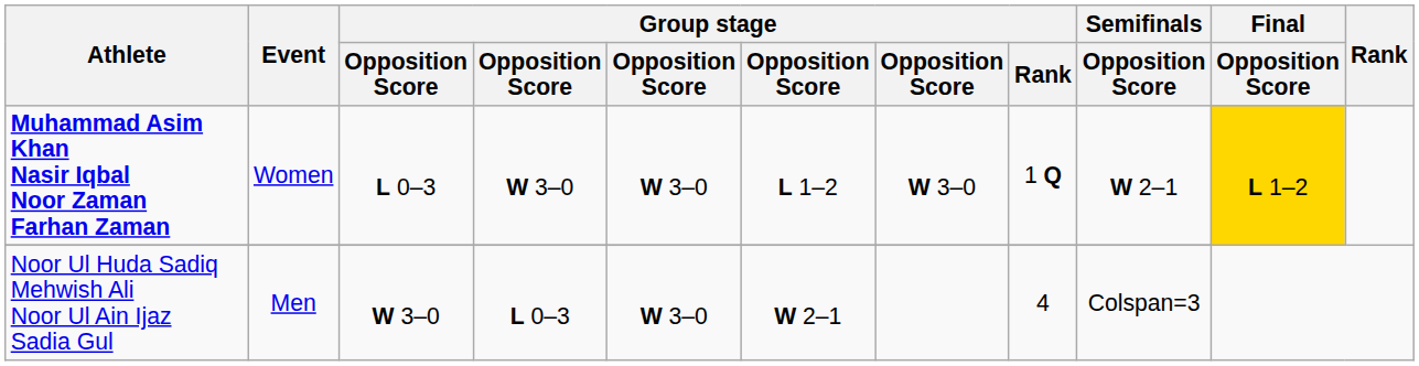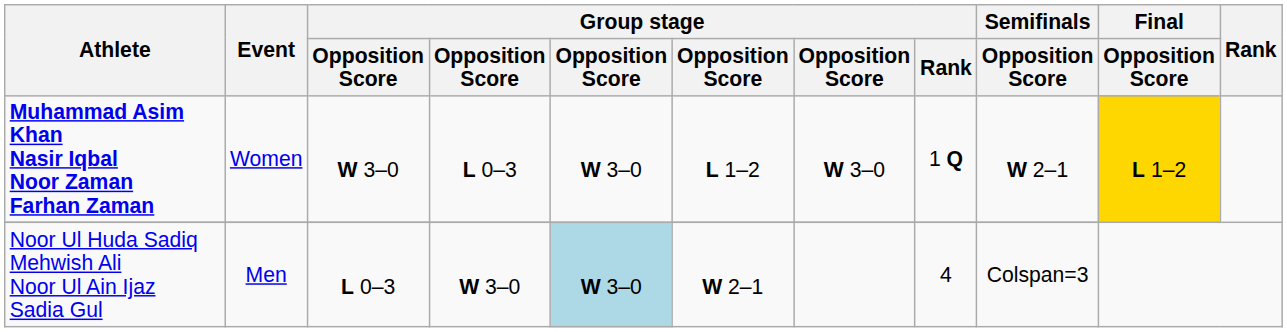 <table class=wikitable style="text-align:center; font-size:90%">
 <tr>
 <th rowspan="2">Athlete</th>
 <th rowspan=2>Event</th>
 <th colspan=6>Group stage</th>
 <th>Semifinals</th>
 <th>Final</th>
 <th rowspan="2">Rank</th>
 </tr>
 <tr>
 <th>Opposition<br>Score</th>
 <th>Opposition<br>Score</th>
 <th>Opposition<br>Score</th>
 <th>Opposition<br>Score</th>
 <th>Opposition<br>Score</th>
 <th>Rank</th>
 <th>Opposition<br>Score</th>
 <th>Opposition<br>Score</th>
 </tr>
 <tr>
 <td align=left><strong><a href='#'>Muhammad Asim Khan</a><br><a href='#'>Nasir Iqbal</a><br><a href='#'>Noor Zaman</a><br><a href='#'>Farhan Zaman</a></strong></td>
 <td><a href='#'>Women</a></td>
+<td><br><strong>W</strong> 3–0</td>
 <td><br><strong>L</strong> 0–3</td>
-<td><br><strong>W</strong> 3–0</td>
 <td><br><strong>W</strong> 3–0</td>
 <td><br><strong>L</strong> 1–2</td>
 <td><br><strong>W</strong> 3–0</td>
 <td>1 <strong>Q</strong></td>
 <td><br> <strong>W</strong> 2–1</td>
 <td style="background: gold;"><br> <strong>L</strong> 1–2</td>
 <td></td>
 </tr>
 <tr>
 </tr>
 <tr>
 <td align=left><a href='#'>Noor Ul Huda Sadiq</a><br><a href='#'>Mehwish Ali</a><br><a href='#'>Noor Ul Ain Ijaz</a><br><a href='#'>Sadia Gul</a></td>
 <td><a href='#'>Men</a></td>
-<td><br><strong>W</strong> 3–0</td>
 <td><br><strong>L</strong> 0–3</td>
 <td><br><strong>W</strong> 3–0</td>
+<td style="background: lightblue;"><br><strong>W</strong> 3–0</td>
 <td><br><strong>W</strong> 2–1</td>
 <td></td>
 <td>4</td>
 <td>Colspan=3</td>
 </tr>
 </table>
